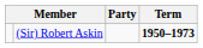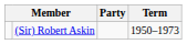 <table class="wikitable">
 <tr>
 <th colspan="2">Member</th>
 <th>Party</th>
 <th>Term</th>
 </tr>
 <tr>
 <td> </td>
 <td><a href='#'>(Sir) Robert Askin</a></td>
 <td></td>
-<td><strong>1950–1973</strong></td>
+<td>1950–1973</td>
 </tr>
 </table>
